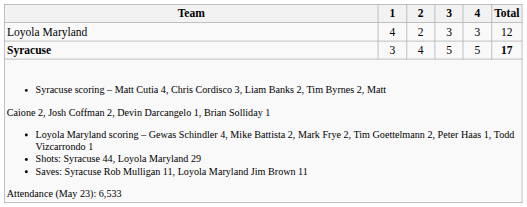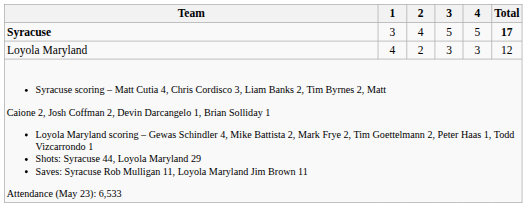 <table class="wikitable" style="text-align:center; max-width:45em">
 <tr>
 <th>Team</th>
 <th style="width:2em">1</th>
 <th style="width:2em">2</th>
 <th style="width:2em">3</th>
 <th style="width:2em">4</th>
 <th style="width:2em">Total</th>
 </tr>
 <tr>
+<td style="text-align:left"><strong>Syracuse</strong></td>
+<td>3</td>
+<td>4</td>
+<td>5</td>
+<td>5</td>
+<td><strong>17</strong></td>
+</tr>
+<tr>
 <td style="text-align:left">Loyola Maryland</td>
 <td>4</td>
 <td>2</td>
 <td>3</td>
 <td>3</td>
 <td>12</td>
 </tr>
 <tr>
-<td style="text-align:left"><strong>Syracuse</strong></td>
-<td>3</td>
-<td>4</td>
-<td>5</td>
-<td>5</td>
-<td><strong>17</strong></td>
-</tr>
-<tr>
 <td colspan=6 style="text-align:left; font-size:88%;"><br><ul><li>Syracuse scoring – Matt Cutia 4, Chris Cordisco 3, Liam Banks 2, Tim Byrnes 2, Matt</li></ul>Caione 2, Josh Coffman 2, Devin Darcangelo 1, Brian Solliday 1<ul><li>Loyola Maryland scoring – Gewas Schindler 4, Mike Battista 2, Mark Frye 2, Tim Goettelmann 2, Peter Haas 1, Todd Vizcarrondo 1</li><li>Shots: Syracuse 44, Loyola Maryland 29</li><li>Saves: Syracuse Rob Mulligan 11, Loyola Maryland Jim Brown 11</li></ul>Attendance (May 23): 6,533 </td>
 </tr>
 </table>
